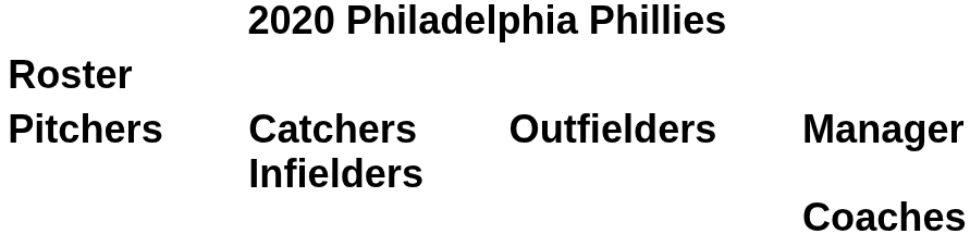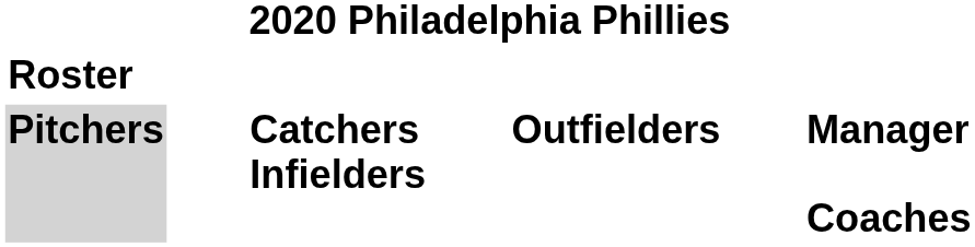 <table class="toccolours" style="font-size: 95%;">
 <tr>
 <th colspan="10" style=><strong>2020 Philadelphia Phillies</strong></th>
 </tr>
 <tr>
 <td colspan="7"><strong>Roster</strong></td>
 </tr>
 <tr>
-<td valign="top"><strong>Pitchers</strong><br>                           </td>
+<td valign="top" style="background: lightgrey;"><strong>Pitchers</strong><br>                           </td>
 <td style="width:25px;"></td>
 <td valign="top"><strong>Catchers</strong><br>   <strong>Infielders</strong>       </td>
 <td style="width:25px;"></td>
 <td valign="top"><strong>Outfielders</strong><br>       </td>
 <td style="width:25px;"></td>
 <td valign="top"><strong>Manager</strong><br><br><strong>Coaches</strong>                            </td>
 </tr>
 </table>
